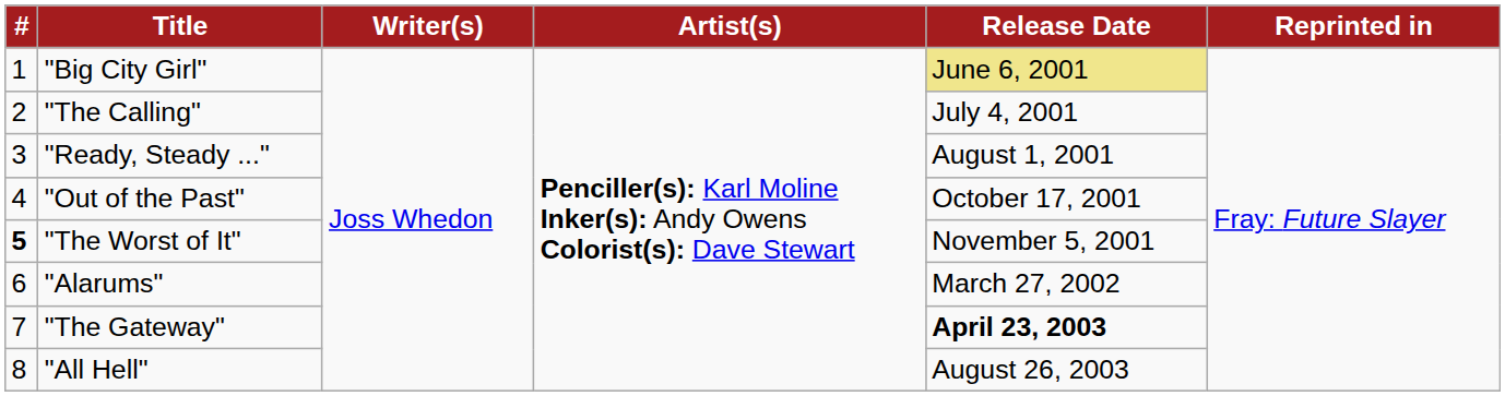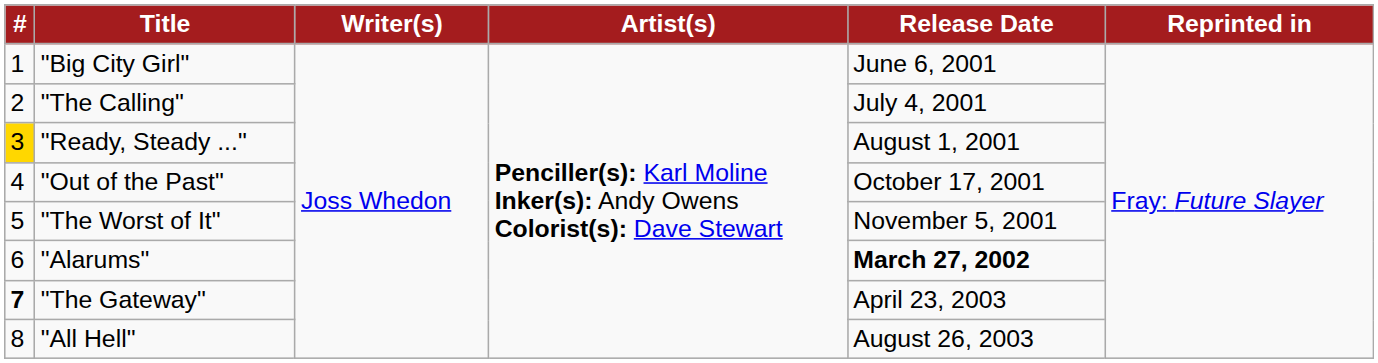 <table style="width: 100%;" class="wikitable">
 <tr>
 <th style="background: #A41C1E; color: white;">#</th>
 <th style="background: #A41C1E; color: white;">Title</th>
 <th style="background: #A41C1E; color: white;">Writer(s)</th>
 <th style="background: #A41C1E; color: white;">Artist(s)</th>
 <th style="background: #A41C1E; color: white;">Release Date</th>
 <th style="background: #A41C1E; color: white;">Reprinted in</th>
 </tr>
 <tr>
 <td>1</td>
 <td>"Big City Girl"</td>
 <td rowspan="8"><a href='#'>Joss Whedon</a></td>
 <td rowspan="8"><strong>Penciller(s):</strong> <a href='#'>Karl Moline</a><br><strong>Inker(s):</strong> Andy Owens<br><strong>Colorist(s):</strong> <a href='#'>Dave Stewart</a></td>
-<td style="background: khaki;">June 6, 2001</td>
+<td>June 6, 2001</td>
 <td rowspan="8"><a href='#'>Fray: <em>Future Slayer</em></a></td>
 </tr>
 <tr>
 <td>2</td>
 <td>"The Calling"</td>
 <td>July 4, 2001</td>
 </tr>
 <tr>
-<td>3</td>
+<td style="background: gold;">3</td>
 <td>"Ready, Steady ..."</td>
 <td>August 1, 2001</td>
 </tr>
 <tr>
 <td>4</td>
 <td>"Out of the Past"</td>
 <td>October 17, 2001</td>
 </tr>
 <tr>
-<td><strong>5</strong></td>
+<td>5</td>
 <td>"The Worst of It"</td>
 <td>November 5, 2001</td>
 </tr>
 <tr>
 <td>6</td>
 <td>"Alarums"</td>
-<td>March 27, 2002</td>
+<td><strong>March 27, 2002</strong></td>
 </tr>
 <tr>
-<td>7</td>
+<td><strong>7</strong></td>
 <td>"The Gateway"</td>
-<td><strong>April 23, 2003</strong></td>
+<td>April 23, 2003</td>
 </tr>
 <tr>
 <td>8</td>
 <td>"All Hell"</td>
 <td>August 26, 2003</td>
 </tr>
 </table>
